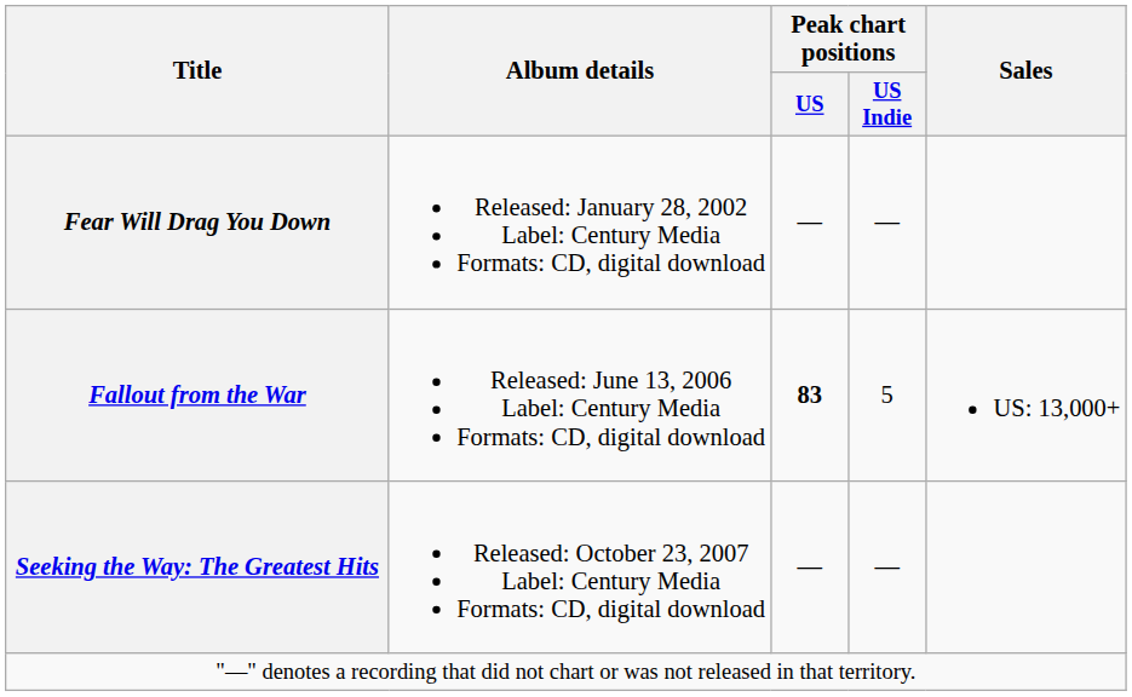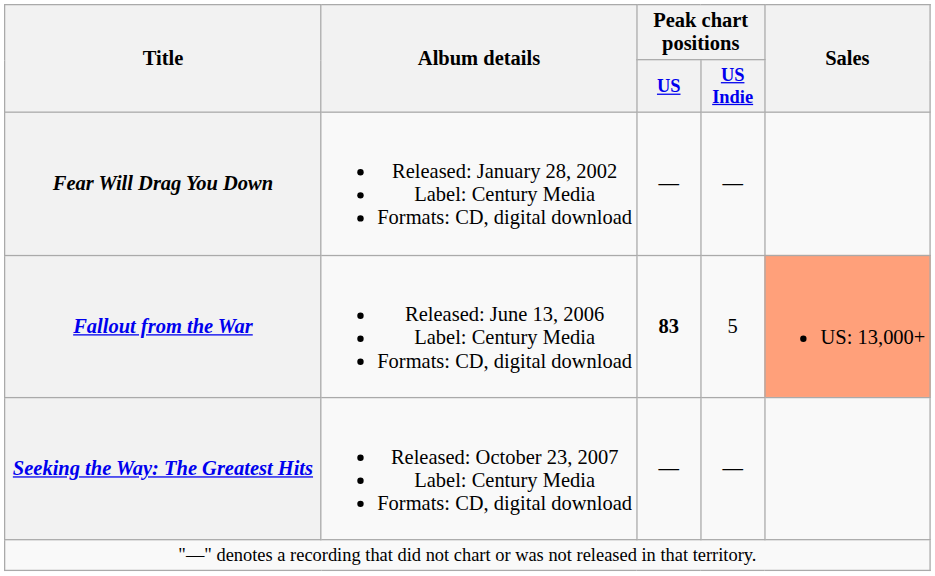 <table class="wikitable plainrowheaders" style="text-align:center;">
 <tr>
 <th scope="col" rowspan="2" style="width:15em;">Title</th>
 <th scope="col" rowspan="2">Album details</th>
 <th scope="col" colspan="2">Peak chart positions</th>
 <th scope="col" rowspan="2">Sales</th>
 </tr>
 <tr>
 <th scope="col" style="width:3em;font-size:90%;"><a href='#'>US</a><br></th>
 <th scope="col" style="width:3em;font-size:90%;"><a href='#'>US Indie</a><br></th>
 </tr>
 <tr>
 <th scope="row"><em>Fear Will Drag You Down</em></th>
 <td><br><ul><li>Released: January 28, 2002</li><li>Label: Century Media</li><li>Formats: CD, digital download</li></ul></td>
 <td style="text-align:center;">—</td>
 <td style="text-align:center;">—</td>
 <td></td>
 </tr>
 <tr>
 <th scope="row"><em><a href='#'>Fallout from the War</a></em></th>
 <td><br><ul><li>Released: June 13, 2006</li><li>Label: Century Media</li><li>Formats: CD, digital download</li></ul></td>
 <td style="text-align:center;"><strong>83</strong></td>
 <td style="text-align:center;">5</td>
-<td><br><ul><li>US: 13,000+</li></ul></td>
+<td style="background: lightsalmon;"><br><ul><li>US: 13,000+</li></ul></td>
 </tr>
 <tr>
 <th scope="row"><em><a href='#'>Seeking the Way: The Greatest Hits</a></em></th>
 <td><br><ul><li>Released: October 23, 2007</li><li>Label: Century Media</li><li>Formats: CD, digital download</li></ul></td>
 <td style="text-align:center;">—</td>
 <td style="text-align:center;">—</td>
 <td></td>
 </tr>
 <tr>
 <td colspan="10" style="font-size:90%">"—" denotes a recording that did not chart or was not released in that territory.</td>
 </tr>
 </table>
